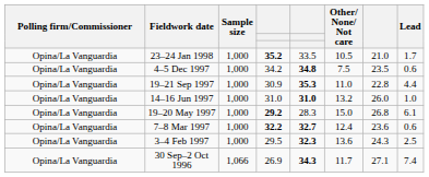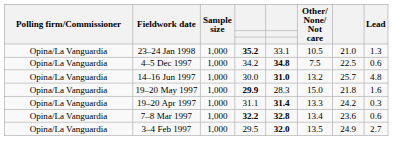 <table class="wikitable collapsible" style="text-align:center; font-size:90%; line-height:14px;">
 <tr style="height:42px; background-color:#E9E9E9">
 <th style="width:250px;" rowspan="3">Polling firm/Commissioner</th>
 <th style="width:125px;" rowspan="3">Fieldwork date</th>
 <th style="width:50px;" rowspan="3">Sample size</th>
 <th style="width:55px;"></th>
 <th style="width:55px;"></th>
 <th style="width:55px;" rowspan="3">Other/<br>None/<br>Not<br>care</th>
 <th style="width:55px;" rowspan="3"></th>
 <th style="width:30px;" rowspan="3">Lead</th>
 </tr>
 <tr>
 <th style="color:inherit;background:"></th>
 <th style="color:inherit;background:"></th>
 </tr>
 <tr>
 <th></th>
 <th></th>
 </tr>
 <tr>
 <td>Opina/La Vanguardia</td>
 <td>23–24 Jan 1998</td>
 <td>1,000</td>
 <td><strong>35.2</strong></td>
-<td>33.5</td>
+<td>33.1</td>
 <td>10.5</td>
 <td>21.0</td>
-<td style="background:">1.7</td>
+<td style="background:">1.3</td>
 </tr>
 <tr>
 <td>Opina/La Vanguardia</td>
 <td>4–5 Dec 1997</td>
 <td>1,000</td>
 <td>34.2</td>
 <td><strong>34.8</strong></td>
 <td>7.5</td>
-<td>23.5</td>
+<td>22.5</td>
 <td style="background:">0.6</td>
-</tr>
-<tr>
-<td>Opina/La Vanguardia</td>
-<td>19–21 Sep 1997</td>
-<td>1,000</td>
-<td>30.9</td>
-<td><strong>35.3</strong></td>
-<td>11.0</td>
-<td>22.8</td>
-<td style="background:">4.4</td>
 </tr>
 <tr>
 <td>Opina/La Vanguardia</td>
 <td>14–16 Jun 1997</td>
 <td>1,000</td>
-<td>31.0</td>
+<td>30.0</td>
 <td><strong>31.0</strong></td>
 <td>13.2</td>
-<td>26.0</td>
-<td style="background:">1.0</td>
+<td>25.7</td>
+<td style="background:">4.8</td>
 </tr>
 <tr>
 <td>Opina/La Vanguardia</td>
 <td>19–20 May 1997</td>
 <td>1,000</td>
-<td><strong>29.2</strong></td>
+<td><strong>29.9</strong></td>
 <td>28.3</td>
 <td>15.0</td>
-<td>26.8</td>
-<td style="background:">6.1</td>
+<td>21.8</td>
+<td style="background:">1.6</td>
+</tr>
+<tr>
+<td>Opina/La Vanguardia</td>
+<td>19–20 Apr 1997</td>
+<td>1,000</td>
+<td>31.1</td>
+<td><strong>31.4</strong></td>
+<td>13.3</td>
+<td>24.2</td>
+<td style="background:">0.3</td>
 </tr>
 <tr>
 <td>Opina/La Vanguardia</td>
 <td>7–8 Mar 1997</td>
 <td>1,000</td>
 <td><strong>32.2</strong></td>
-<td><strong>32.7</strong></td>
-<td>12.4</td>
+<td><strong>32.8</strong></td>
+<td>13.4</td>
 <td>23.6</td>
 <td style="background:">0.6</td>
 </tr>
 <tr>
 <td>Opina/La Vanguardia</td>
 <td>3–4 Feb 1997</td>
 <td>1,000</td>
 <td>29.5</td>
-<td><strong>32.3</strong></td>
-<td>13.6</td>
-<td>24.3</td>
-<td style="background:">2.5</td>
-</tr>
-<tr>
-<td>Opina/La Vanguardia</td>
-<td>30 Sep–2 Oct 1996</td>
-<td>1,066</td>
-<td>26.9</td>
-<td><strong>34.3</strong></td>
-<td>11.7</td>
-<td>27.1</td>
-<td style="background:">7.4</td>
+<td><strong>32.0</strong></td>
+<td>13.5</td>
+<td>24.9</td>
+<td style="background:">2.7</td>
 </tr>
 </table>
